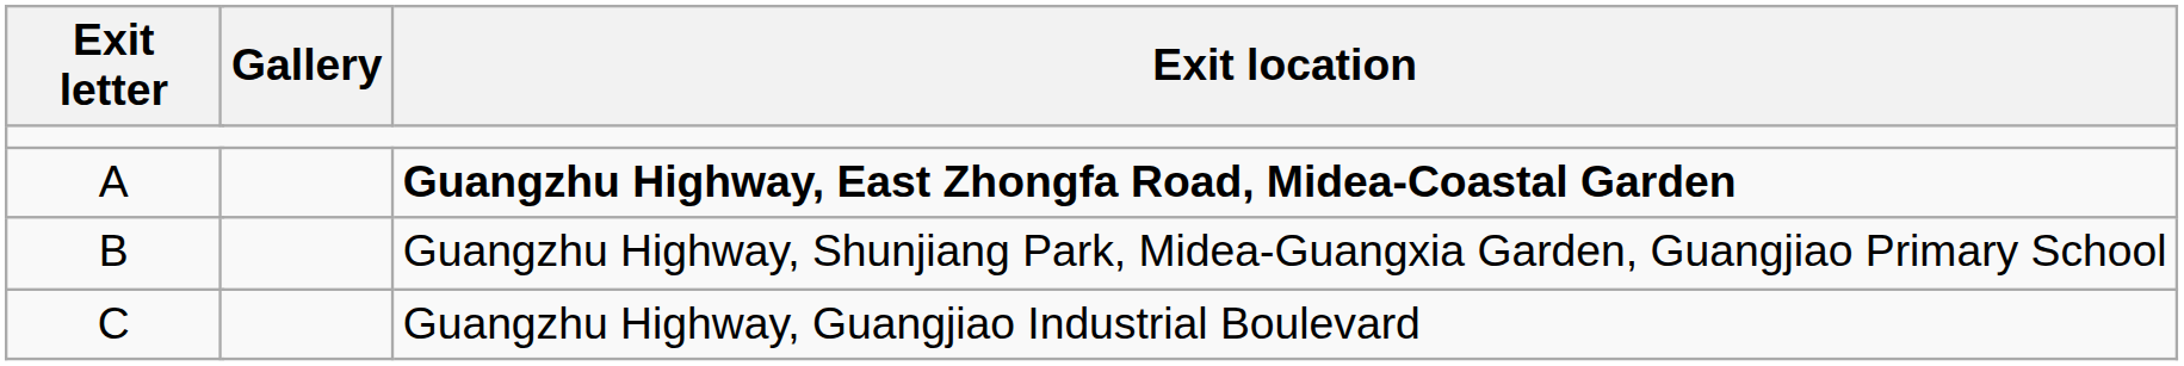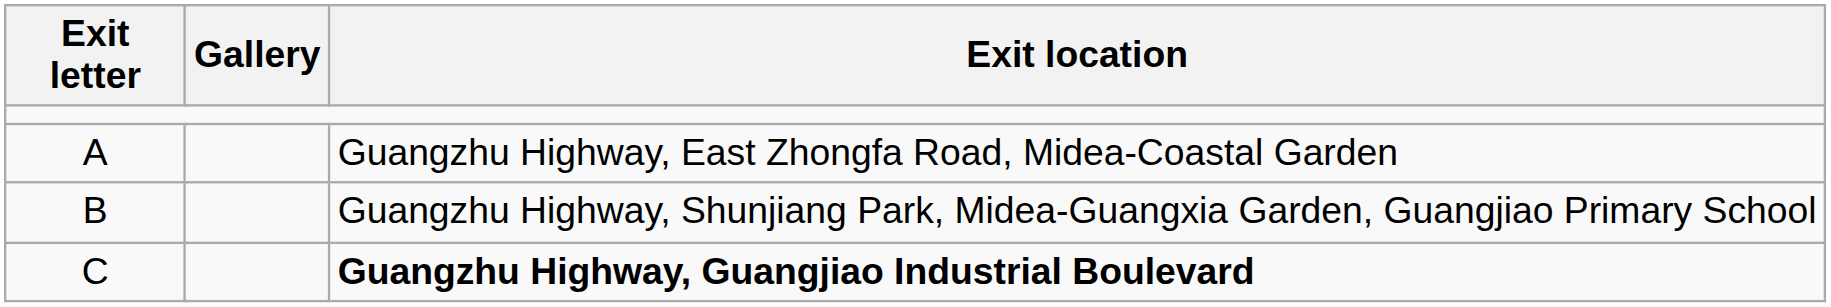 <table class="wikitable">
 <tr>
 <th colspan=2 style="width:70px">Exit letter</th>
 <th>Gallery</th>
 <th>Exit location</th>
 </tr>
 <tr style="background:#">
 <td colspan="4"></td>
 </tr>
 <tr>
 <td colspan=2 align=center>A</td>
 <td></td>
-<td><strong>Guangzhu Highway, East Zhongfa Road, Midea-Coastal Garden</strong></td>
+<td>Guangzhu Highway, East Zhongfa Road, Midea-Coastal Garden</td>
 </tr>
 <tr>
 <td colspan=2 align=center>B</td>
 <td></td>
 <td>Guangzhu Highway, Shunjiang Park, Midea-Guangxia Garden, Guangjiao Primary School</td>
 </tr>
 <tr>
 <td colspan=2 align=center>C</td>
 <td></td>
-<td>Guangzhu Highway, Guangjiao Industrial Boulevard</td>
+<td><strong>Guangzhu Highway, Guangjiao Industrial Boulevard</strong></td>
 </tr>
 </table>
